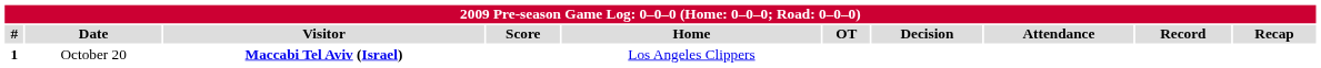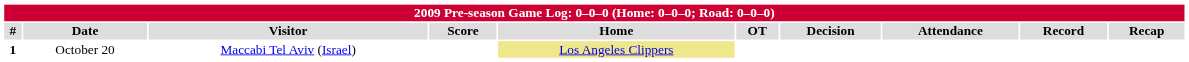 <table class="toccolours collapsible" width=90% style="clear:both; margin:1.5em auto; text-align:center">
 <tr>
 <th colspan=11 style="background:#cc0033; color: #FFFFFF;">2009 Pre-season Game Log: 0–0–0 (Home: 0–0–0; Road: 0–0–0)</th>
 </tr>
 <tr align="center" bgcolor="#dddddd">
 <td><strong>#</strong></td>
 <td><strong>Date</strong></td>
 <td><strong>Visitor</strong></td>
 <td><strong>Score</strong></td>
 <td><strong>Home</strong></td>
 <td><strong>OT</strong></td>
 <td><strong>Decision</strong></td>
 <td><strong>Attendance</strong></td>
 <td><strong>Record</strong></td>
 <td><strong>Recap</strong></td>
 </tr>
 <tr align="center">
 <td><strong>1</strong></td>
 <td>October 20</td>
-<td><strong><a href='#'>Maccabi Tel Aviv</a> (<a href='#'>Israel</a>)</strong></td>
+<td><a href='#'>Maccabi Tel Aviv</a> (<a href='#'>Israel</a>)</td>
 <td></td>
-<td><a href='#'>Los Angeles Clippers</a></td>
+<td style="background: khaki;"><a href='#'>Los Angeles Clippers</a></td>
 <td></td>
 <td></td>
 <td></td>
 <td></td>
 <td></td>
 </tr>
 </table>
